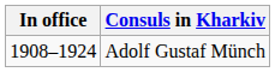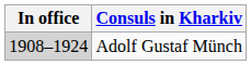 <table class="wikitable">
 <tr>
 <th>In office</th>
 <th><a href='#'>Consuls</a> in <a href='#'>Kharkiv</a></th>
 </tr>
 <tr>
-<td>1908–1924</td>
+<td style="background: lightgrey;">1908–1924</td>
 <td>Adolf Gustaf Münch</td>
 </tr>
 <tr>
 </tr>
 </table>
